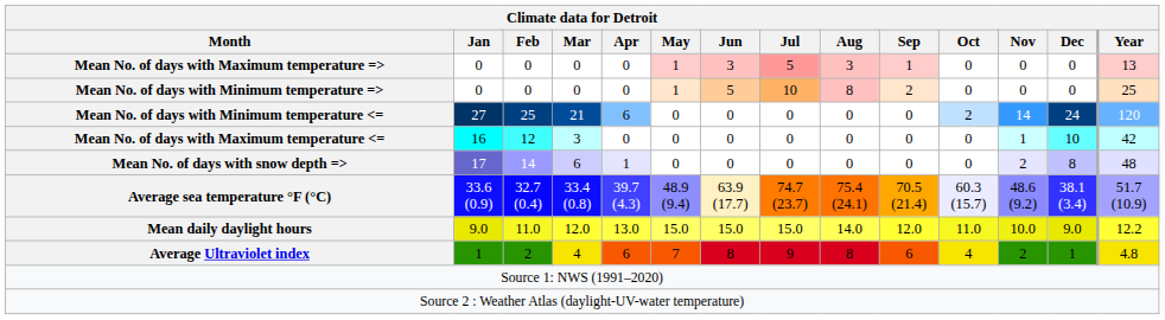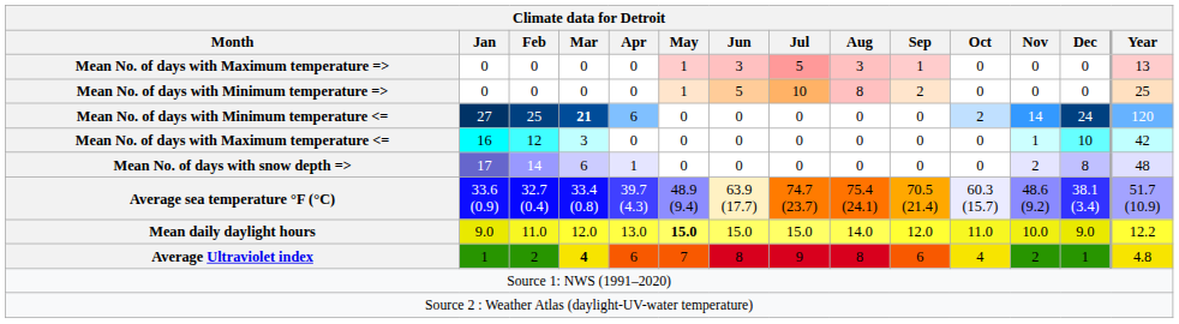 <table class="wikitable mw-collapsible mw-collapsed" style="width:100%; text-align:center; line-height:1.2em; margin-left:auto; margin-right:auto">
 <tr>
 <th Colspan=14>Climate data for Detroit</th>
 </tr>
 <tr>
 <th>Month</th>
 <th>Jan</th>
 <th>Feb</th>
 <th>Mar</th>
 <th>Apr</th>
 <th>May</th>
 <th>Jun</th>
 <th>Jul</th>
 <th>Aug</th>
 <th>Sep</th>
 <th>Oct</th>
 <th>Nov</th>
 <th>Dec</th>
 <th style="border-left-width:medium">Year</th>
 </tr>
 <tr>
 <th>Mean No. of days with Maximum temperature => </th>
 <td style="background:#ffffff;color:#000000;">0</td>
 <td style="background:#ffffff;color:#000000;">0</td>
 <td style="background:#ffffff;color:#000000;">0</td>
 <td style="background:#ffffff;color:#000000;">0</td>
 <td style="background:#FFCCCC;color:#000000;">1</td>
 <td style="background:#FFC0C0;color:#000000;">3</td>
 <td style="background:#FF9999;color:#000000;">5</td>
 <td style="background:#FFC0C0;color:#000000;">3</td>
 <td style="background:#FFCCCC;color:#000000;">1</td>
 <td style="background:#ffffff;color:#000000;">0</td>
 <td style="background:#ffffff;color:#000000;">0</td>
 <td style="background:#ffffff;color:#000000;">0</td>
 <td style="background:#FFCCCC;color:#000000;border-left-width:medium">13</td>
 </tr>
 <tr>
 <th>Mean No. of days with Minimum temperature => </th>
 <td style="background:#ffffff;color:#000000;">0</td>
 <td style="background:#ffffff;color:#000000;">0</td>
 <td style="background:#ffffff;color:#000000;">0</td>
 <td style="background:#ffffff;color:#000000;">0</td>
 <td style="background:#FFE5CC;color:#000000;">1</td>
 <td style="background:#FFCC99;color:#000000;">5</td>
 <td style="background:#FFB266;color:#000000;">10</td>
 <td style="background:#FFC0C0;color:#000000;">8</td>
 <td style="background:#FFE5CC;color:#000000;">2</td>
 <td style="background:#ffffff;color:#000000;">0</td>
 <td style="background:#ffffff;color:#000000;">0</td>
 <td style="background:#ffffff;color:#000000;">0</td>
 <td style="background:#FFE0C0;color:#000000;border-left-width:medium">25</td>
 </tr>
 <tr>
 <th>Mean No. of days with Minimum temperature <= </th>
 <td style="background:#003366;color:#ffffff;">27</td>
 <td style="background:#004080;color:#ffffff;">25</td>
-<td style="background:#004C99;color:#ffffff;">21</td>
+<td style="background:#004C99;color:#ffffff;"><strong>21</strong></td>
 <td style="background:#80C0FF;color:#000000;">6</td>
 <td style="background:#FFFFFF;color:#000000;">0</td>
 <td style="background:#FFFFFF;color:#000000;">0</td>
 <td style="background:#FFFFFF;color:#000000;">0</td>
 <td style="background:#FFFFFF;color:#000000;">0</td>
 <td style="background:#FFFFFF;color:#000000;">0</td>
 <td style="background:#C0E0FF;color:#000000;">2</td>
 <td style="background:#3399FF;color:#ffffff;">14</td>
 <td style="background:#004080;color:#ffffff;">24</td>
 <td style="background:#66B2FF;color:#ffffff;border-left-width:medium">120</td>
 </tr>
 <tr>
 <th>Mean No. of days with Maximum temperature <= </th>
 <td style="background:#00FFFF;color:#000000;">16</td>
 <td style="background:#40FFFF;color:#000000;">12</td>
 <td style="background:#C0FFFF;color:#000000;">3</td>
 <td style="background:#FFFFFF;color:#000000;">0</td>
 <td style="background:#FFFFFF;color:#000000;">0</td>
 <td style="background:#FFFFFF;color:#000000;">0</td>
 <td style="background:#FFFFFF;color:#000000;">0</td>
 <td style="background:#FFFFFF;color:#000000;">0</td>
 <td style="background:#FFFFFF;color:#000000;">0</td>
 <td style="background:#FFFFFF;color:#000000;">0</td>
 <td style="background:#CCFFFF;color:#000000;">1</td>
 <td style="background:#66FFFF;color:#000000;">10</td>
 <td style="background:#C0FFFF;color:#000000;border-left-width:medium">42</td>
 </tr>
 <tr>
 <th>Mean No. of days with snow depth => </th>
 <td style="background:#6666CC;color:#ffffff;">17</td>
 <td style="background:#9999FF;color:#ffffff;">14</td>
 <td style="background:#CCCCFF;color:#000000;">6</td>
 <td style="background:#E5E5FF;color:#000000;">1</td>
 <td style="background:#FFFFFF;color:#000000;">0</td>
 <td style="background:#FFFFFF;color:#000000;">0</td>
 <td style="background:#FFFFFF;color:#000000;">0</td>
 <td style="background:#FFFFFF;color:#000000;">0</td>
 <td style="background:#FFFFFF;color:#000000;">0</td>
 <td style="background:#FFFFFF;color:#000000;">0</td>
 <td style="background:#E5E5FF;color:#000000;">2</td>
 <td style="background:#C0C0FF;color:#000000;">8</td>
 <td style="background:#E0E0FF;color:#000000;border-left-width:medium">48</td>
 </tr>
 <tr>
 <th>Average sea temperature °F (°C)</th>
 <td style="background:#0d0dff; color:#fff;">33.6<br>(0.9)</td>
 <td style="background:#0606ff; color:#fff;">32.7<br>(0.4)</td>
 <td style="background:#0c0cff; color:#fff;">33.4<br>(0.8)</td>
 <td style="background:#4040ff; color:#fff;">39.7<br>(4.3)</td>
 <td style="background:#8d8dff; color:#000;">48.9<br>(9.4)</td>
 <td style="background:#fff1c3; color:#000;">63.9<br>(17.7)</td>
 <td style="background:#ff7b00; color:#000;">74.7<br>(23.7)</td>
 <td style="background:#ff7300; color:#000;">75.4<br>(24.1)</td>
 <td style="background:#ffa800; color:#000;">70.5<br>(21.4)</td>
 <td style="background:#ebebff; color:#000;">60.3<br>(15.7)</td>
 <td style="background:#8a8aff; color:#000;">48.6<br>(9.2)</td>
 <td style="background:#3232ff; color:#fff;">38.1<br>(3.4)</td>
 <td style="background:#a3a3ff; color:#000; border-left-width:medium;">51.7<br>(10.9)</td>
 </tr>
 <tr>
 <th>Mean daily daylight hours</th>
 <td style="background:#e9e900; color:#000;">9.0</td>
 <td style="background:#f7f722; color:#000;">11.0</td>
 <td style="background:#ff3; color:#000;">12.0</td>
 <td style="background:#ff4; color:#000;">13.0</td>
-<td style="background:#ff6; color:#000;">15.0</td>
+<td style="background:#ff6; color:#000;"><strong>15.0</strong></td>
 <td style="background:#ff6; color:#000;">15.0</td>
 <td style="background:#ff6; color:#000;">15.0</td>
 <td style="background:#ff5; color:#000;">14.0</td>
 <td style="background:#ff3; color:#000;">12.0</td>
 <td style="background:#f7f722; color:#000;">11.0</td>
 <td style="background:#f0f011; color:#000;">10.0</td>
 <td style="background:#e9e900; color:#000;">9.0</td>
 <td style="background:#ffff35; color:#000; border-left-width:medium;">12.2</td>
 </tr>
 <tr>
 <th>Average <a href='#'>Ultraviolet index</a></th>
 <td style="background:#289500; color:#000;">1</td>
 <td style="background:#289500; color:#000;">2</td>
-<td style="background:#f7e400; color:#000;">4</td>
+<td style="background:#f7e400; color:#000;"><strong>4</strong></td>
 <td style="background:#f85900; color:#000;">6</td>
 <td style="background:#f85900; color:#000;">7</td>
 <td style="background:#d8001d; color:#000;">8</td>
 <td style="background:#d8001d; color:#000;">9</td>
 <td style="background:#d8001d; color:#000;">8</td>
 <td style="background:#f85900; color:#000;">6</td>
 <td style="background:#f7e400; color:#000;">4</td>
 <td style="background:#289500; color:#000;">2</td>
 <td style="background:#289500; color:#000;">1</td>
 <td style="background:#f7e400; color:#000; border-left-width:medium;">4.8</td>
 </tr>
 <tr>
 <th Colspan=14 style="background:#f8f9fa;font-weight:normal;font-size:95%;">Source 1: NWS (1991–2020)</th>
 </tr>
 <tr>
 <th Colspan=14 style="background:#f8f9fa;font-weight:normal;font-size:95%;">Source 2 : Weather Atlas (daylight-UV-water temperature)</th>
 </tr>
 </table>
